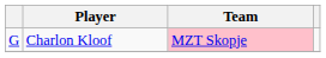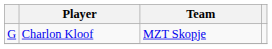 <table class="wikitable">
 <tr>
 <th></th>
 <th width=150>Player</th>
 <th width=150>Team</th>
 <th></th>
 </tr>
 <tr>
 <td style="text-align:center;"><a href='#'>G</a></td>
 <td> <a href='#'>Charlon Kloof</a></td>
-<td style="background: pink;"><a href='#'>MZT Skopje</a></td>
+<td><a href='#'>MZT Skopje</a></td>
 <td style="text-align:center;"></td>
 </tr>
 <tr>
 </tr>
 </table>
